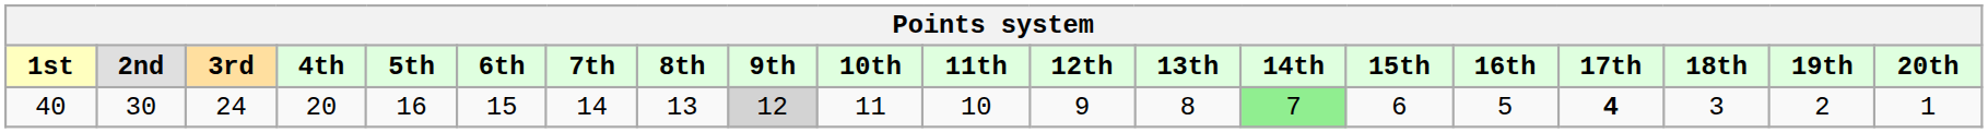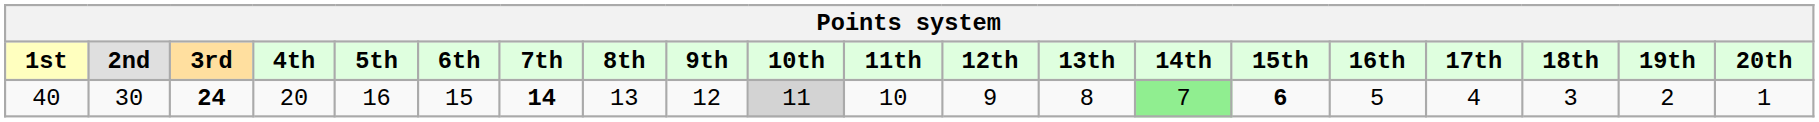 <table class="wikitable" style="font-size: 85%; text-align: center">
 <tr>
 <th colspan=20>Points system</th>
 </tr>
 <tr>
 <td style="background:#ffffbf;"> <strong>1st</strong> </td>
 <td style="background:#dfdfdf;"> <strong>2nd</strong> </td>
 <td style="background:#ffdf9f;"> <strong>3rd</strong> </td>
 <td style="background:#dfffdf;"> <strong>4th</strong> </td>
 <td style="background:#dfffdf;"> <strong>5th</strong> </td>
 <td style="background:#dfffdf;"> <strong>6th</strong> </td>
 <td style="background:#dfffdf;"> <strong>7th</strong> </td>
 <td style="background:#dfffdf;"> <strong>8th</strong> </td>
 <td style="background:#dfffdf;"> <strong>9th</strong> </td>
 <td style="background:#dfffdf;"> <strong>10th</strong> </td>
 <td style="background:#dfffdf;"> <strong>11th</strong> </td>
 <td style="background:#dfffdf;"> <strong>12th</strong> </td>
 <td style="background:#dfffdf;"> <strong>13th</strong> </td>
 <td style="background:#dfffdf;"> <strong>14th</strong> </td>
 <td style="background:#dfffdf;"> <strong>15th</strong> </td>
 <td style="background:#dfffdf;"> <strong>16th</strong> </td>
 <td style="background:#dfffdf;"> <strong>17th</strong> </td>
 <td style="background:#dfffdf;"> <strong>18th</strong> </td>
 <td style="background:#dfffdf;"> <strong>19th</strong> </td>
 <td style="background:#dfffdf;"> <strong>20th</strong> </td>
 </tr>
 <tr>
 <td>40</td>
 <td>30</td>
-<td>24</td>
+<td><strong>24</strong></td>
 <td>20</td>
 <td>16</td>
 <td>15</td>
-<td>14</td>
+<td><strong>14</strong></td>
 <td>13</td>
-<td style="background: lightgrey;">12</td>
-<td>11</td>
+<td>12</td>
+<td style="background: lightgrey;">11</td>
 <td>10</td>
 <td>9</td>
 <td>8</td>
 <td style="background: lightgreen;">7</td>
-<td>6</td>
+<td><strong>6</strong></td>
 <td>5</td>
-<td><strong>4</strong></td>
+<td>4</td>
 <td>3</td>
 <td>2</td>
 <td>1</td>
 </tr>
 </table>
